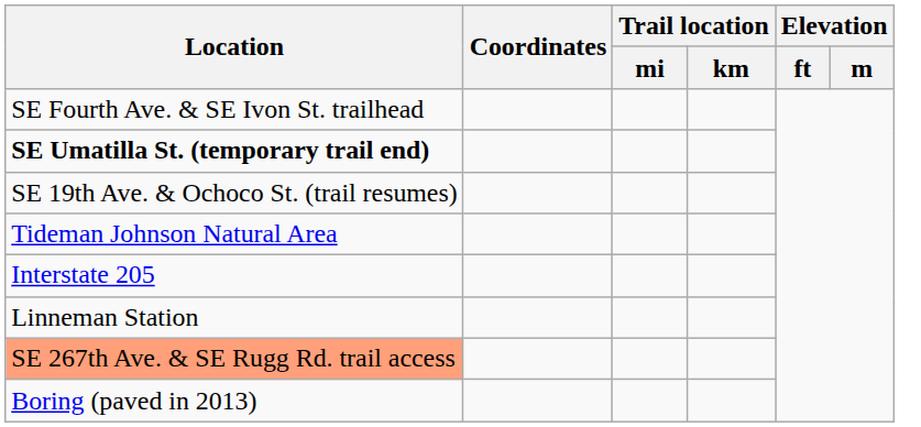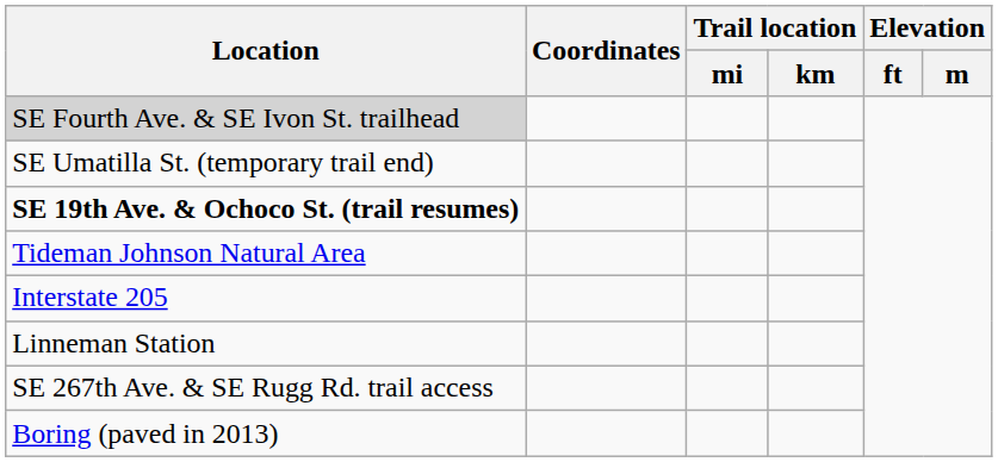 <table class="wikitable sortable">
 <tr>
 <th rowspan=2>Location</th>
 <th rowspan=2>Coordinates</th>
 <th colspan=2>Trail location</th>
 <th colspan=2>Elevation</th>
 </tr>
 <tr>
 <th>mi</th>
 <th>km</th>
 <th>ft</th>
 <th>m</th>
 </tr>
 <tr>
-<td>SE Fourth Ave. & SE Ivon St. trailhead</td>
+<td style="background: lightgrey;">SE Fourth Ave. & SE Ivon St. trailhead</td>
 <td></td>
 <td></td>
 <td></td>
 </tr>
 <tr>
-<td><strong>SE Umatilla St. (temporary trail end)</strong></td>
+<td>SE Umatilla St. (temporary trail end)</td>
 <td></td>
 <td></td>
 <td></td>
 </tr>
 <tr>
-<td>SE 19th Ave. & Ochoco St. (trail resumes)</td>
+<td><strong>SE 19th Ave. & Ochoco St. (trail resumes)</strong></td>
 <td></td>
 <td></td>
 <td></td>
 </tr>
 <tr>
 <td><a href='#'>Tideman Johnson Natural Area</a></td>
 <td></td>
 <td></td>
 <td></td>
 </tr>
 <tr>
 <td><a href='#'>Interstate 205</a></td>
 <td></td>
 <td></td>
 <td></td>
 </tr>
 <tr>
 <td>Linneman Station</td>
 <td></td>
 <td></td>
 <td></td>
 </tr>
 <tr>
-<td style="background: lightsalmon;">SE 267th Ave. & SE Rugg Rd. trail access</td>
+<td>SE 267th Ave. & SE Rugg Rd. trail access</td>
 <td></td>
 <td></td>
 <td></td>
 </tr>
 <tr>
 <td><a href='#'>Boring</a> (paved in 2013)</td>
 <td></td>
 <td></td>
 <td></td>
 </tr>
 </table>
